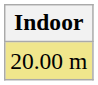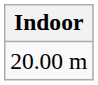 <table class="wikitable" border="1" align="upright">
 <tr>
 <th>Indoor</th>
 </tr>
 <tr>
-<td style="background: khaki;">20.00 m</td>
+<td>20.00 m</td>
 </tr>
 </table>
